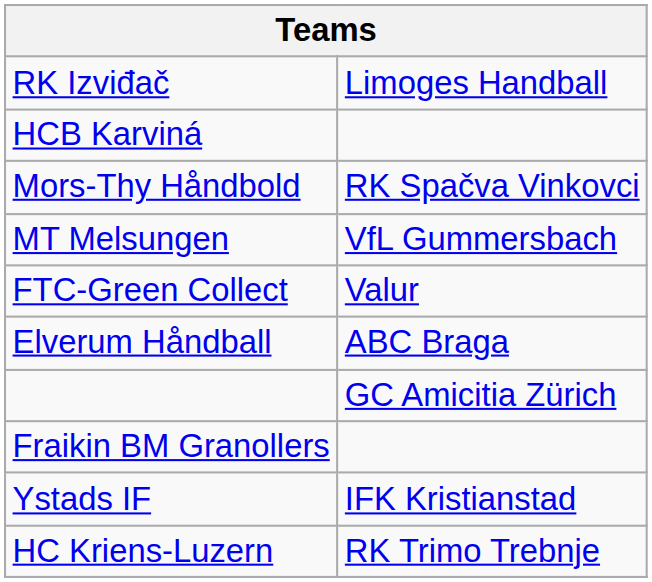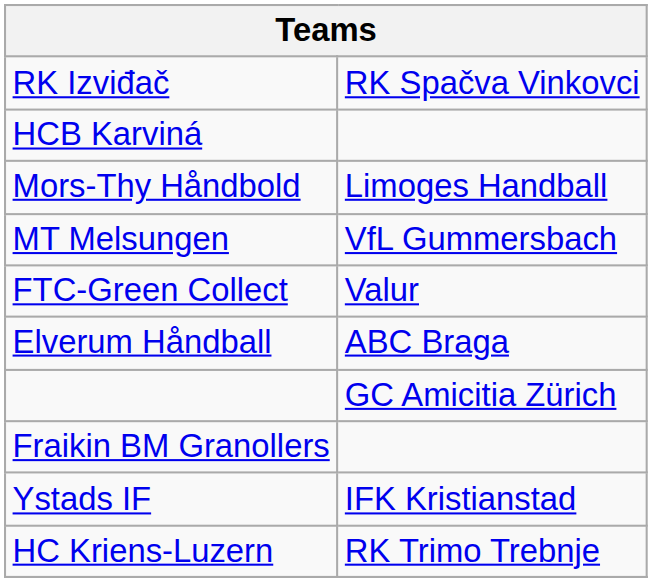 <table class="wikitable">
 <tr>
 <th colspan=2>Teams</th>
 </tr>
 <tr>
 <td> <a href='#'>RK Izviđač</a></td>
-<td> <a href='#'>Limoges Handball</a></td>
+<td> <a href='#'>RK Spačva Vinkovci</a></td>
 </tr>
 <tr>
 <td> <a href='#'>HCB Karviná</a></td>
 <td></td>
 </tr>
 <tr>
 <td> <a href='#'>Mors-Thy Håndbold</a></td>
-<td> <a href='#'>RK Spačva Vinkovci</a></td>
+<td> <a href='#'>Limoges Handball</a></td>
 </tr>
 <tr>
 <td> <a href='#'>MT Melsungen</a></td>
 <td> <a href='#'>VfL Gummersbach</a></td>
 </tr>
 <tr>
 <td> <a href='#'>FTC-Green Collect</a></td>
 <td> <a href='#'>Valur</a></td>
 </tr>
 <tr>
 <td> <a href='#'>Elverum Håndball</a></td>
 <td> <a href='#'>ABC Braga</a></td>
 </tr>
 <tr>
 <td></td>
 <td> <a href='#'>GC Amicitia Zürich</a></td>
 </tr>
 <tr>
 <td> <a href='#'>Fraikin BM Granollers</a></td>
 <td></td>
 </tr>
 <tr>
 <td> <a href='#'>Ystads IF</a></td>
 <td> <a href='#'>IFK Kristianstad</a></td>
 </tr>
 <tr>
 <td> <a href='#'>HC Kriens-Luzern</a></td>
 <td> <a href='#'>RK Trimo Trebnje</a></td>
 </tr>
 <tr>
 </tr>
 </table>
